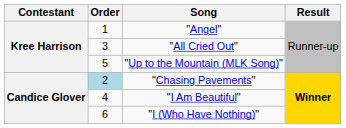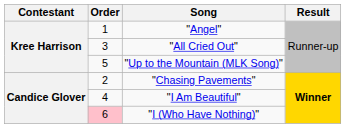 <table class="wikitable unsortable" style="text-align:center;">
 <tr>
 <th scope="col">Contestant</th>
 <th scope="col">Order</th>
 <th scope="col">Song</th>
 <th scope="col">Result</th>
 </tr>
 <tr>
 <th scope="row" rowspan="3">Kree Harrison</th>
 <td>1</td>
 <td>"<a href='#'>Angel</a>"</td>
 <td rowspan="3" bgcolor="silver">Runner-up</td>
 </tr>
 <tr>
 <td>3</td>
 <td>"<a href='#'>All Cried Out</a>"</td>
 </tr>
 <tr>
 <td>5</td>
 <td>"<a href='#'>Up to the Mountain (MLK Song)</a>"</td>
 </tr>
 <tr>
 <th scope="row" rowspan="3">Candice Glover</th>
-<td style="background: lightblue;">2</td>
+<td>2</td>
 <td>"<a href='#'>Chasing Pavements</a>"</td>
 <td rowspan="3" bgcolor="gold"><strong>Winner</strong></td>
 </tr>
 <tr>
 <td>4</td>
 <td>"<a href='#'>I Am Beautiful</a>"</td>
 </tr>
 <tr>
-<td>6</td>
+<td style="background: pink;">6</td>
 <td>"<a href='#'>I (Who Have Nothing)</a>"</td>
 </tr>
 </table>
